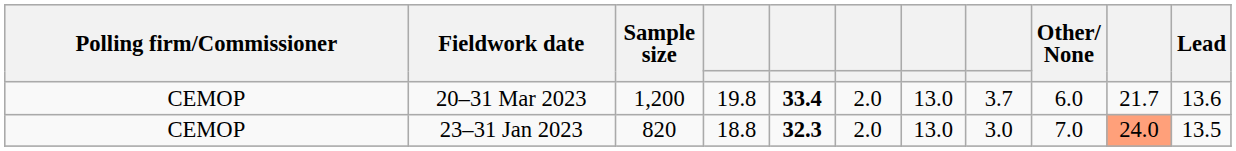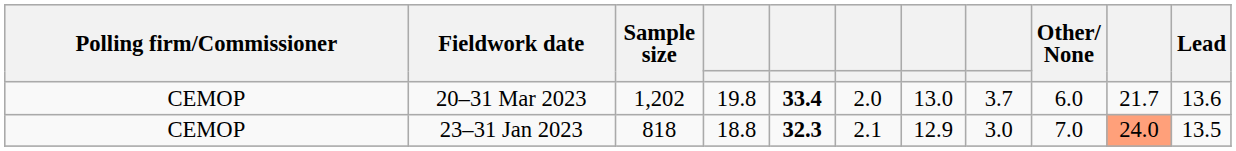 <table class="wikitable collapsible collapsed" style="text-align:center; font-size:90%; line-height:14px;">
 <tr style="height:42px;">
 <th style="width:250px;" rowspan="2">Polling firm/Commissioner</th>
 <th style="width:125px;" rowspan="2">Fieldwork date</th>
 <th style="width:50px;" rowspan="2">Sample size</th>
 <th style="width:35px;"></th>
 <th style="width:35px;"></th>
 <th style="width:35px;"></th>
 <th style="width:35px;"></th>
 <th style="width:35px;"></th>
 <th style="width:35px;" rowspan="2">Other/<br>None</th>
 <th style="width:35px;" rowspan="2"></th>
 <th style="width:30px;" rowspan="2">Lead</th>
 </tr>
 <tr>
 <th style="color:inherit;background:"></th>
 <th style="color:inherit;background:"></th>
 <th style="color:inherit;background:"></th>
 <th style="color:inherit;background:"></th>
 <th style="color:inherit;background:"></th>
 </tr>
 <tr>
 <td>CEMOP</td>
 <td>20–31 Mar 2023</td>
-<td>1,200</td>
+<td>1,202</td>
 <td>19.8</td>
 <td><strong>33.4</strong></td>
 <td>2.0</td>
 <td>13.0</td>
 <td>3.7</td>
 <td>6.0</td>
 <td>21.7</td>
 <td style="background:">13.6</td>
 </tr>
 <tr>
 <td>CEMOP</td>
 <td>23–31 Jan 2023</td>
-<td>820</td>
+<td>818</td>
 <td>18.8</td>
 <td><strong>32.3</strong></td>
-<td>2.0</td>
-<td>13.0</td>
+<td>2.1</td>
+<td>12.9</td>
 <td>3.0</td>
 <td>7.0</td>
 <td style="background: lightsalmon;">24.0</td>
 <td style="background:">13.5</td>
 </tr>
 </table>
